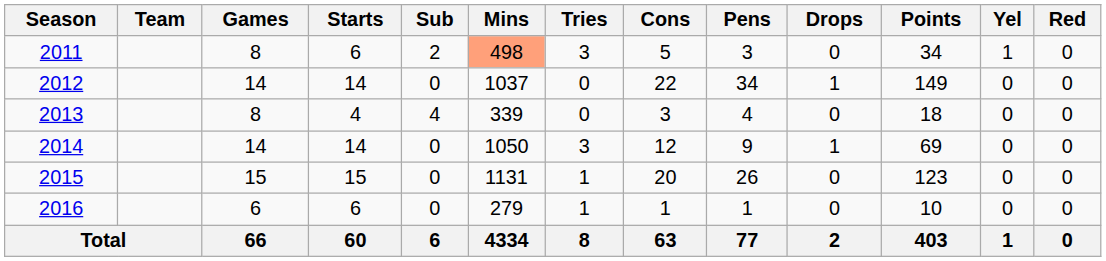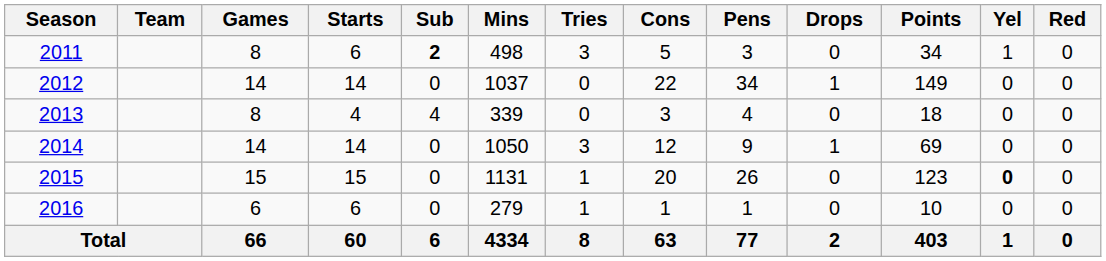 <table class="wikitable" style="text-align:center; width:70%;">
 <tr>
 <th>Season</th>
 <th>Team</th>
 <th>Games</th>
 <th>Starts</th>
 <th>Sub</th>
 <th>Mins</th>
 <th>Tries</th>
 <th>Cons</th>
 <th>Pens</th>
 <th>Drops</th>
 <th>Points</th>
 <th>Yel</th>
 <th>Red</th>
 </tr>
 <tr>
 <td><a href='#'>2011</a></td>
 <td></td>
 <td>8</td>
 <td>6</td>
-<td>2</td>
-<td style="background: lightsalmon;">498</td>
+<td><strong>2</strong></td>
+<td>498</td>
 <td>3</td>
 <td>5</td>
 <td>3</td>
 <td>0</td>
 <td>34</td>
 <td>1</td>
 <td>0</td>
 </tr>
 <tr>
 <td><a href='#'>2012</a></td>
 <td></td>
 <td>14</td>
 <td>14</td>
 <td>0</td>
 <td>1037</td>
 <td>0</td>
 <td>22</td>
 <td>34</td>
 <td>1</td>
 <td>149</td>
 <td>0</td>
 <td>0</td>
 </tr>
 <tr>
 <td><a href='#'>2013</a></td>
 <td></td>
 <td>8</td>
 <td>4</td>
 <td>4</td>
 <td>339</td>
 <td>0</td>
 <td>3</td>
 <td>4</td>
 <td>0</td>
 <td>18</td>
 <td>0</td>
 <td>0</td>
 </tr>
 <tr>
 <td><a href='#'>2014</a></td>
 <td></td>
 <td>14</td>
 <td>14</td>
 <td>0</td>
 <td>1050</td>
 <td>3</td>
 <td>12</td>
 <td>9</td>
 <td>1</td>
 <td>69</td>
 <td>0</td>
 <td>0</td>
 </tr>
 <tr>
 <td><a href='#'>2015</a></td>
 <td></td>
 <td>15</td>
 <td>15</td>
 <td>0</td>
 <td>1131</td>
 <td>1</td>
 <td>20</td>
 <td>26</td>
 <td>0</td>
 <td>123</td>
-<td>0</td>
+<td><strong>0</strong></td>
 <td>0</td>
 </tr>
 <tr>
 <td><a href='#'>2016</a></td>
 <td></td>
 <td>6</td>
 <td>6</td>
 <td>0</td>
 <td>279</td>
 <td>1</td>
 <td>1</td>
 <td>1</td>
 <td>0</td>
 <td>10</td>
 <td>0</td>
 <td>0</td>
 </tr>
 <tr>
 <th colspan="2">Total</th>
 <th>66</th>
 <th>60</th>
 <th>6</th>
 <th>4334</th>
 <th>8</th>
 <th>63</th>
 <th>77</th>
 <th>2</th>
 <th>403</th>
 <th>1</th>
 <th>0</th>
 </tr>
 </table>
